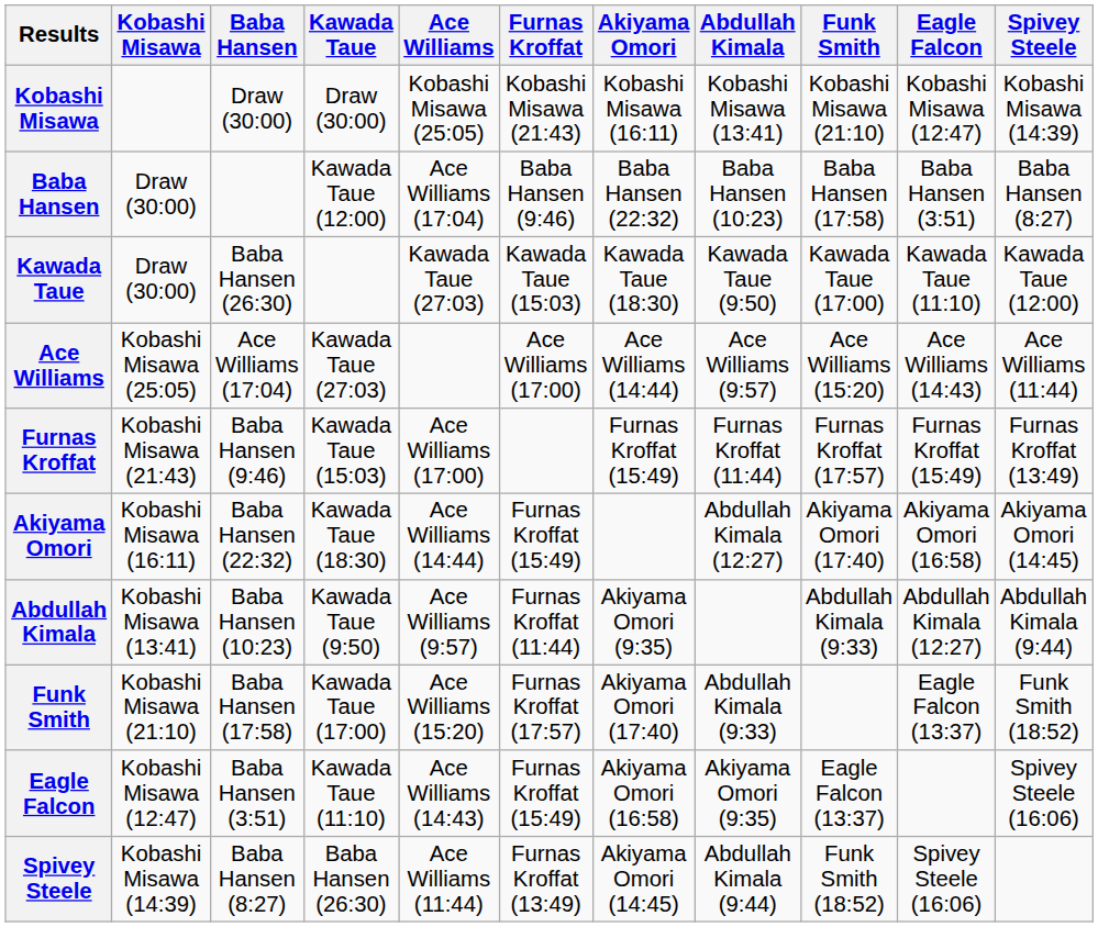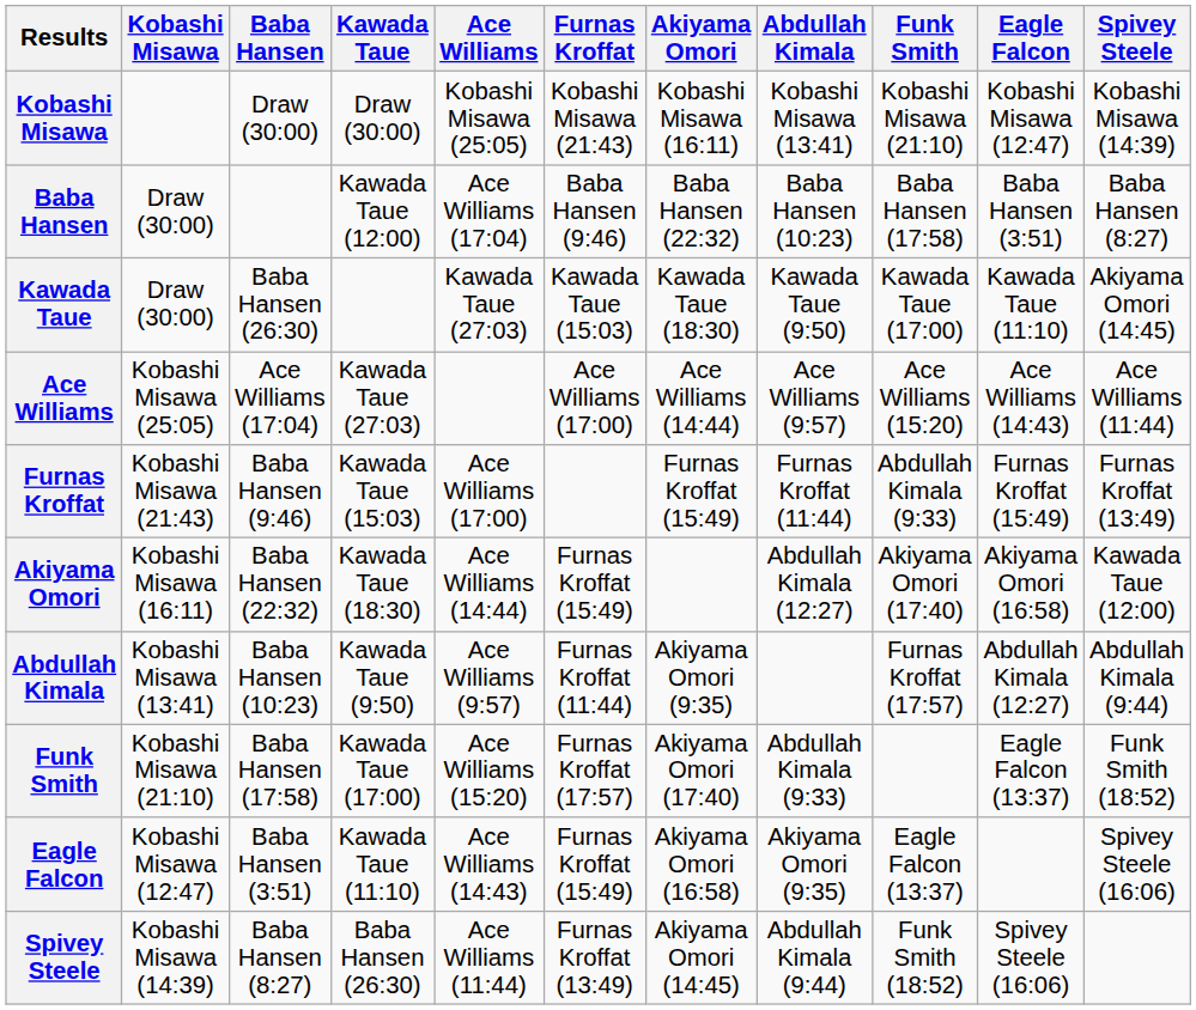 <table class="wikitable" style="text-align:center; margin: 1em auto 1em auto">
 <tr>
 <th>Results</th>
 <th><a href='#'>Kobashi</a><br><a href='#'>Misawa</a></th>
 <th><a href='#'>Baba</a><br><a href='#'>Hansen</a></th>
 <th><a href='#'>Kawada</a><br><a href='#'>Taue</a></th>
 <th><a href='#'>Ace</a><br><a href='#'>Williams</a></th>
 <th><a href='#'>Furnas</a><br><a href='#'>Kroffat</a></th>
 <th><a href='#'>Akiyama</a><br><a href='#'>Omori</a></th>
 <th><a href='#'>Abdullah</a><br><a href='#'>Kimala</a></th>
 <th><a href='#'>Funk</a><br><a href='#'>Smith</a></th>
 <th><a href='#'>Eagle</a><br><a href='#'>Falcon</a></th>
 <th><a href='#'>Spivey</a><br><a href='#'>Steele</a></th>
 </tr>
 <tr>
 <th><a href='#'>Kobashi</a><br><a href='#'>Misawa</a></th>
 <td></td>
 <td>Draw<br>(30:00)</td>
 <td>Draw<br>(30:00)</td>
 <td>Kobashi<br>Misawa<br>(25:05)</td>
 <td>Kobashi<br>Misawa<br>(21:43)</td>
 <td>Kobashi<br>Misawa<br>(16:11)</td>
 <td>Kobashi<br>Misawa<br>(13:41)</td>
 <td>Kobashi<br>Misawa<br>(21:10)</td>
 <td>Kobashi<br>Misawa<br>(12:47)</td>
 <td>Kobashi<br>Misawa<br>(14:39)</td>
 </tr>
 <tr>
 <th><a href='#'>Baba</a><br><a href='#'>Hansen</a></th>
 <td>Draw<br>(30:00)</td>
 <td></td>
 <td>Kawada<br>Taue<br>(12:00)</td>
 <td>Ace<br>Williams<br>(17:04)</td>
 <td>Baba<br>Hansen<br>(9:46)</td>
 <td>Baba<br>Hansen<br>(22:32)</td>
 <td>Baba<br>Hansen<br>(10:23)</td>
 <td>Baba<br>Hansen<br>(17:58)</td>
 <td>Baba<br>Hansen<br>(3:51)</td>
 <td>Baba<br>Hansen<br>(8:27)</td>
 </tr>
 <tr>
 <th><a href='#'>Kawada</a><br><a href='#'>Taue</a></th>
 <td>Draw<br>(30:00)</td>
 <td>Baba<br>Hansen<br>(26:30)</td>
 <td></td>
 <td>Kawada<br>Taue<br>(27:03)</td>
 <td>Kawada<br>Taue<br>(15:03)</td>
 <td>Kawada<br>Taue<br>(18:30)</td>
 <td>Kawada<br>Taue<br>(9:50)</td>
 <td>Kawada<br>Taue<br>(17:00)</td>
 <td>Kawada<br>Taue<br>(11:10)</td>
-<td>Kawada<br>Taue<br>(12:00)</td>
+<td>Akiyama<br>Omori<br>(14:45)</td>
 </tr>
 <tr>
 <th><a href='#'>Ace</a><br><a href='#'>Williams</a></th>
 <td>Kobashi<br>Misawa<br>(25:05)</td>
 <td>Ace<br>Williams<br>(17:04)</td>
 <td>Kawada<br>Taue<br>(27:03)</td>
 <td></td>
 <td>Ace<br>Williams<br>(17:00)</td>
 <td>Ace<br>Williams<br>(14:44)</td>
 <td>Ace<br>Williams<br>(9:57)</td>
 <td>Ace<br>Williams<br>(15:20)</td>
 <td>Ace<br>Williams<br>(14:43)</td>
 <td>Ace<br>Williams<br>(11:44)</td>
 </tr>
 <tr>
 <th><a href='#'>Furnas</a><br><a href='#'>Kroffat</a></th>
 <td>Kobashi<br>Misawa<br>(21:43)</td>
 <td>Baba<br>Hansen<br>(9:46)</td>
 <td>Kawada<br>Taue<br>(15:03)</td>
 <td>Ace<br>Williams<br>(17:00)</td>
 <td></td>
 <td>Furnas<br>Kroffat<br>(15:49)</td>
 <td>Furnas<br>Kroffat<br>(11:44)</td>
-<td>Furnas<br>Kroffat<br>(17:57)</td>
+<td>Abdullah<br>Kimala<br>(9:33)</td>
 <td>Furnas<br>Kroffat<br>(15:49)</td>
 <td>Furnas<br>Kroffat<br>(13:49)</td>
 </tr>
 <tr>
 <th><a href='#'>Akiyama</a><br><a href='#'>Omori</a></th>
 <td>Kobashi<br>Misawa<br>(16:11)</td>
 <td>Baba<br>Hansen<br>(22:32)</td>
 <td>Kawada<br>Taue<br>(18:30)</td>
 <td>Ace<br>Williams<br>(14:44)</td>
 <td>Furnas<br>Kroffat<br>(15:49)</td>
 <td></td>
 <td>Abdullah<br>Kimala<br>(12:27)</td>
 <td>Akiyama<br>Omori<br>(17:40)</td>
 <td>Akiyama<br>Omori<br>(16:58)</td>
-<td>Akiyama<br>Omori<br>(14:45)</td>
+<td>Kawada<br>Taue<br>(12:00)</td>
 </tr>
 <tr>
 <th><a href='#'>Abdullah</a><br><a href='#'>Kimala</a></th>
 <td>Kobashi<br>Misawa<br>(13:41)</td>
 <td>Baba<br>Hansen<br>(10:23)</td>
 <td>Kawada<br>Taue<br>(9:50)</td>
 <td>Ace<br>Williams<br>(9:57)</td>
 <td>Furnas<br>Kroffat<br>(11:44)</td>
 <td>Akiyama<br>Omori<br>(9:35)</td>
 <td></td>
-<td>Abdullah<br>Kimala<br>(9:33)</td>
+<td>Furnas<br>Kroffat<br>(17:57)</td>
 <td>Abdullah<br>Kimala<br>(12:27)</td>
 <td>Abdullah<br>Kimala<br>(9:44)</td>
 </tr>
 <tr>
 <th><a href='#'>Funk</a><br><a href='#'>Smith</a></th>
 <td>Kobashi<br>Misawa<br>(21:10)</td>
 <td>Baba<br>Hansen<br>(17:58)</td>
 <td>Kawada<br>Taue<br>(17:00)</td>
 <td>Ace<br>Williams<br>(15:20)</td>
 <td>Furnas<br>Kroffat<br>(17:57)</td>
 <td>Akiyama<br>Omori<br>(17:40)</td>
 <td>Abdullah<br>Kimala<br>(9:33)</td>
 <td></td>
 <td>Eagle<br>Falcon<br>(13:37)</td>
 <td>Funk<br>Smith<br>(18:52)</td>
 </tr>
 <tr>
 <th><a href='#'>Eagle</a><br><a href='#'>Falcon</a></th>
 <td>Kobashi<br>Misawa<br>(12:47)</td>
 <td>Baba<br>Hansen<br>(3:51)</td>
 <td>Kawada<br>Taue<br>(11:10)</td>
 <td>Ace<br>Williams<br>(14:43)</td>
 <td>Furnas<br>Kroffat<br>(15:49)</td>
 <td>Akiyama<br>Omori<br>(16:58)</td>
 <td>Akiyama<br>Omori<br>(9:35)</td>
 <td>Eagle<br>Falcon<br>(13:37)</td>
 <td></td>
 <td>Spivey<br>Steele<br>(16:06)</td>
 </tr>
 <tr>
 <th><a href='#'>Spivey</a><br><a href='#'>Steele</a></th>
 <td>Kobashi<br>Misawa<br>(14:39)</td>
 <td>Baba<br>Hansen<br>(8:27)</td>
 <td>Baba<br>Hansen<br>(26:30)</td>
 <td>Ace<br>Williams<br>(11:44)</td>
 <td>Furnas<br>Kroffat<br>(13:49)</td>
 <td>Akiyama<br>Omori<br>(14:45)</td>
 <td>Abdullah<br>Kimala<br>(9:44)</td>
 <td>Funk<br>Smith<br>(18:52)</td>
 <td>Spivey<br>Steele<br>(16:06)</td>
 <td></td>
 </tr>
 </table>
